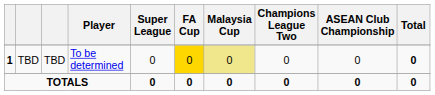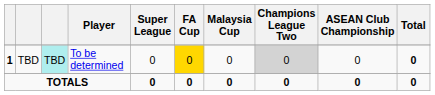 <table class="wikitable sortable" style="font-size: 95%; text-align: center;">
 <tr>
 <th width=10></th>
 <th width=10></th>
 <th width=10></th>
 <th width=150>Player</th>
 <th width=90>Super League</th>
 <th width=90>FA Cup</th>
 <th width=90>Malaysia Cup</th>
 <th width=90>Champions League Two</th>
 <th width=90>ASEAN Club Championship</th>
 <th width=90>Total</th>
 </tr>
 <tr>
 </tr>
 <tr>
 <td><strong>1</strong></td>
 <td>TBD</td>
-<td>TBD</td>
+<td style="background: paleturquoise;">TBD</td>
 <td align=left><a href='#'>To be determined</a></td>
 <td>0</td>
 <td style="background: gold;">0</td>
-<td style="background: khaki;">0</td>
 <td>0</td>
+<td style="background: lightgrey;">0</td>
 <td>0</td>
 <td><strong>0</strong></td>
 </tr>
 <tr>
 </tr>
 <tr class="sortbottom">
 <td colspan=4><strong>TOTALS</strong></td>
 <td><strong>0</strong></td>
 <td><strong>0</strong></td>
 <td><strong>0</strong></td>
 <td><strong>0</strong></td>
 <td><strong>0</strong></td>
 <td><strong>0</strong></td>
 </tr>
 </table>
